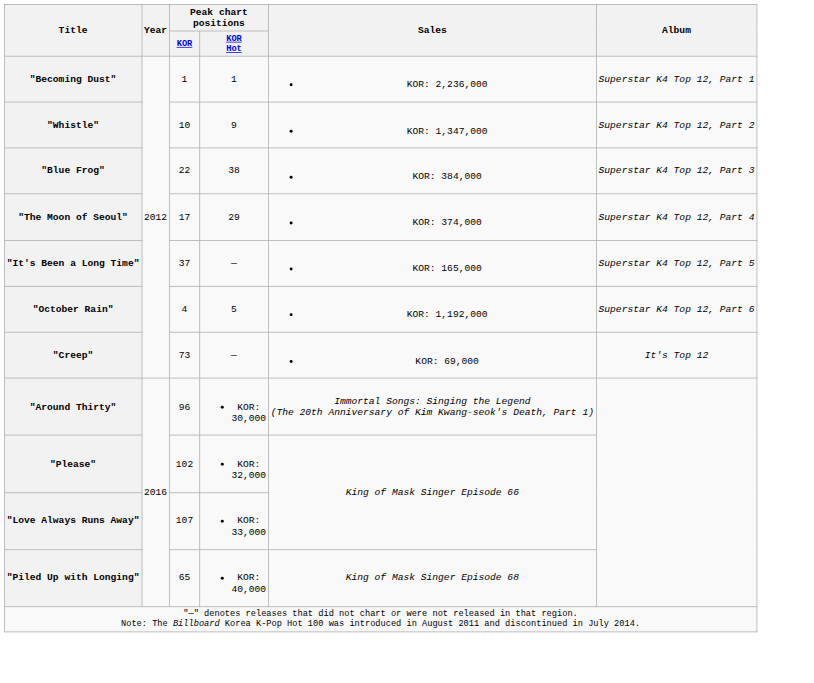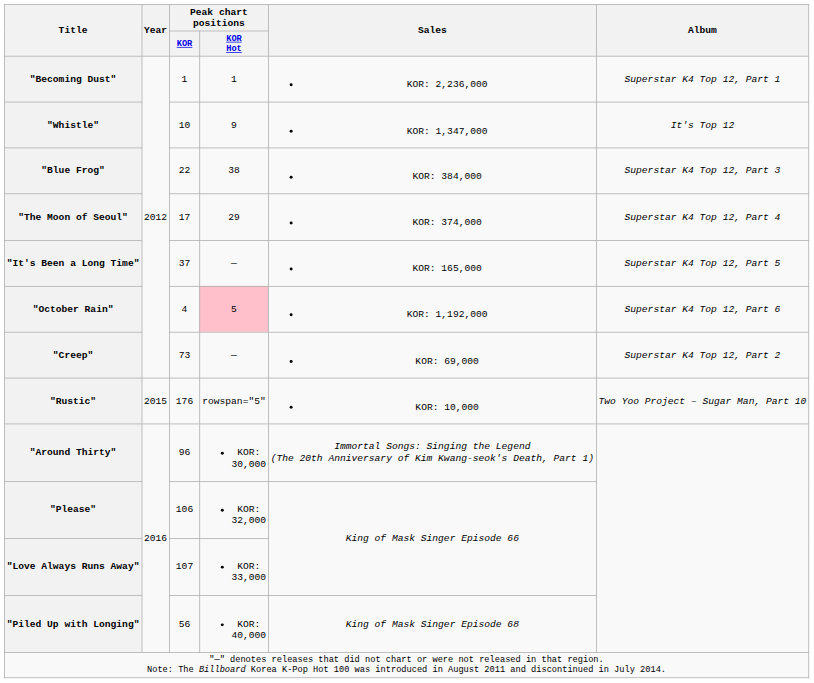 <table class="wikitable plainrowheaders" style="text-align:center;">
 <tr>
 <th scope="col" rowspan="2">Title</th>
 <th scope="col" rowspan="2">Year</th>
 <th scope="col" colspan="2">Peak chart positions</th>
 <th scope="col" rowspan="2">Sales<br></th>
 <th scope="col" rowspan="2">Album</th>
 </tr>
 <tr>
 <th scope="col" style="width:3em;font-size:90%;"><a href='#'>KOR</a><br></th>
 <th scope="col" style="width:3em;font-size:90%;"><a href='#'>KOR<br>Hot</a><br></th>
 </tr>
 <tr>
 <th scope="row">"Becoming Dust"<br></th>
 <td rowspan="7">2012</td>
 <td>1</td>
 <td>1</td>
 <td><br><ul><li>KOR: 2,236,000</li></ul></td>
 <td><em>Superstar K4 Top 12, Part 1</em></td>
 </tr>
 <tr>
 <th scope="row">"Whistle"<br></th>
 <td>10</td>
 <td>9</td>
 <td><br><ul><li>KOR: 1,347,000</li></ul></td>
-<td><em>Superstar K4 Top 12, Part 2</em></td>
+<td><em>It's Top 12</em></td>
 </tr>
 <tr>
 <th scope="row">"Blue Frog"<br></th>
 <td>22</td>
 <td>38</td>
 <td><br><ul><li>KOR: 384,000</li></ul></td>
 <td><em>Superstar K4 Top 12, Part 3</em></td>
 </tr>
 <tr>
 <th scope="row">"The Moon of Seoul"<br></th>
 <td>17</td>
 <td>29</td>
 <td><br><ul><li>KOR: 374,000</li></ul></td>
 <td><em>Superstar K4 Top 12, Part 4</em></td>
 </tr>
 <tr>
 <th scope="row">"It's Been a Long Time"<br></th>
 <td>37</td>
 <td>—</td>
 <td><br><ul><li>KOR: 165,000</li></ul></td>
 <td><em>Superstar K4 Top 12, Part 5</em></td>
 </tr>
 <tr>
 <th scope="row">"October Rain"<br></th>
 <td>4</td>
-<td>5</td>
+<td style="background: pink;">5</td>
 <td><br><ul><li>KOR: 1,192,000</li></ul></td>
 <td><em>Superstar K4 Top 12, Part 6</em></td>
 </tr>
 <tr>
 <th scope="row">"Creep" <br></th>
 <td>73</td>
 <td>—</td>
 <td><br><ul><li>KOR: 69,000</li></ul></td>
-<td><em>It's Top 12</em></td>
+<td><em>Superstar K4 Top 12, Part 2</em></td>
+</tr>
+<tr>
+<th scope="row">"Rustic"<br></th>
+<td>2015</td>
+<td>176</td>
+<td>rowspan="5" </td>
+<td><br><ul><li>KOR: 10,000</li></ul></td>
+<td><em>Two Yoo Project – Sugar Man, Part 10</em> </td>
 </tr>
 <tr>
 <th scope="row">"Around Thirty"<br></th>
 <td rowspan="4">2016</td>
 <td>96</td>
 <td><br><ul><li>KOR: 30,000</li></ul></td>
 <td><em>Immortal Songs: Singing the Legend<br>(The 20th Anniversary of Kim Kwang-seok's Death, Part 1)</em></td>
 </tr>
 <tr>
 <th scope="row">"Please"<br></th>
-<td>102</td>
+<td>106</td>
 <td><br><ul><li>KOR: 32,000</li></ul></td>
 <td rowspan="2"><em>King of Mask Singer Episode 66</em></td>
 </tr>
 <tr>
 <th scope="row">"Love Always Runs Away"<br></th>
 <td>107</td>
 <td><br><ul><li>KOR: 33,000</li></ul></td>
 </tr>
 <tr>
 <th scope="row">"Piled Up with Longing"<br></th>
-<td>65</td>
+<td>56</td>
 <td><br><ul><li>KOR: 40,000</li></ul></td>
 <td><em>King of Mask Singer Episode 68</em></td>
 </tr>
 <tr>
 <td colspan="6" style="font-size:90%;">"—" denotes releases that did not chart or were not released in that region.<br>Note: The <em>Billboard</em> Korea K-Pop Hot 100 was introduced in August 2011 and discontinued in July 2014.</td>
 </tr>
 </table>
